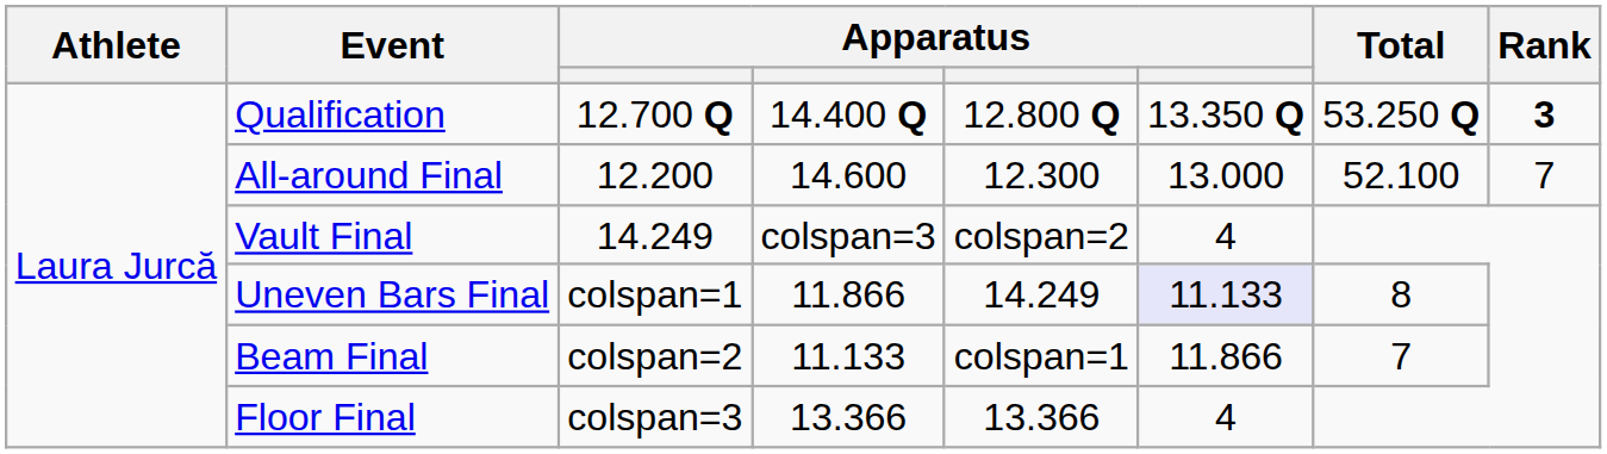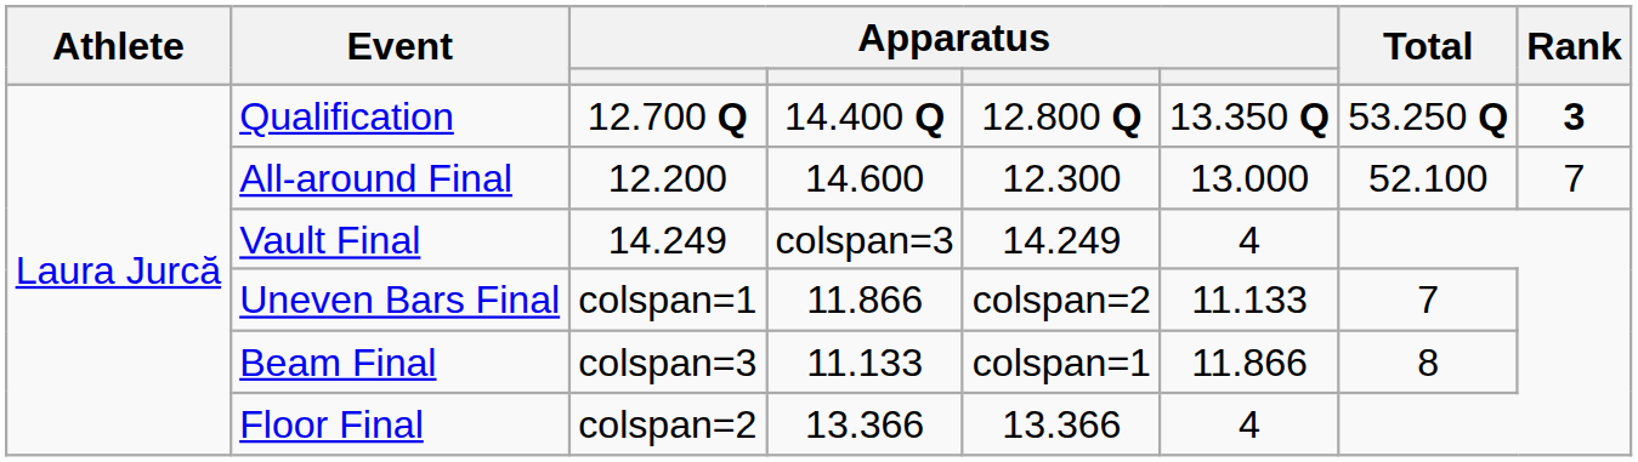 <table class="wikitable" style="font-size:90%">
 <tr>
 <th rowspan=2>Athlete</th>
 <th rowspan=2>Event</th>
 <th colspan =4>Apparatus</th>
 <th rowspan=2>Total</th>
 <th rowspan=2>Rank</th>
 </tr>
 <tr style="font-size:95%">
 <th></th>
 <th></th>
 <th></th>
 <th></th>
 </tr>
 <tr align=center>
 <td align=left  rowspan=8><a href='#'>Laura Jurcă</a></td>
 <td align=left><a href='#'>Qualification</a></td>
 <td>12.700 <strong>Q</strong></td>
 <td>14.400 <strong>Q</strong></td>
 <td>12.800 <strong>Q</strong></td>
 <td>13.350 <strong>Q</strong></td>
 <td>53.250 <strong>Q</strong></td>
 <td><strong>3 </strong></td>
 </tr>
 <tr align=center>
 <td align=left><a href='#'>All-around Final</a></td>
 <td>12.200</td>
 <td>14.600</td>
 <td>12.300</td>
 <td>13.000</td>
 <td>52.100</td>
 <td>7 </td>
 </tr>
 <tr align=center>
 <td align=left><a href='#'>Vault Final</a></td>
 <td>14.249</td>
 <td>colspan=3 </td>
-<td>colspan=2 </td>
+<td>14.249</td>
 <td>4 </td>
 </tr>
 <tr align=center>
 <td align=left><a href='#'>Uneven Bars Final</a></td>
 <td>colspan=1 </td>
 <td>11.866</td>
-<td>14.249</td>
-<td style="background: lavender;">11.133</td>
+<td>colspan=2 </td>
+<td>11.133</td>
+<td>7 </td>
+</tr>
+<tr align=center>
+<td align=left><a href='#'>Beam Final</a></td>
+<td>colspan=3 </td>
+<td>11.133</td>
+<td>colspan=1 </td>
+<td>11.866</td>
 <td>8 </td>
 </tr>
 <tr align=center>
-<td align=left><a href='#'>Beam Final</a></td>
+<td align=left><a href='#'>Floor Final</a></td>
 <td>colspan=2 </td>
-<td>11.133</td>
-<td>colspan=1 </td>
-<td>11.866</td>
-<td>7 </td>
-</tr>
-<tr align=center>
-<td align=left><a href='#'>Floor Final</a></td>
-<td>colspan=3 </td>
 <td>13.366</td>
 <td>13.366</td>
 <td>4 </td>
 </tr>
 </table>
